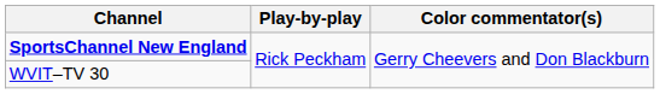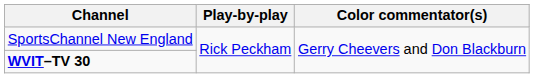 <table class="wikitable">
 <tr>
 <th><strong>Channel</strong></th>
 <th><strong>Play-by-play</strong></th>
 <th><strong>Color commentator(s)</strong></th>
 </tr>
 <tr>
-<td><strong><a href='#'>SportsChannel New England</a></strong></td>
+<td><a href='#'>SportsChannel New England</a></td>
 <td rowspan="2"><a href='#'>Rick Peckham</a></td>
 <td rowspan="2"><a href='#'>Gerry Cheevers</a> and <a href='#'>Don Blackburn</a></td>
 </tr>
 <tr>
-<td><a href='#'>WVIT</a>–TV 30</td>
+<td><strong><a href='#'>WVIT</a>–TV 30</strong></td>
 </tr>
 </table>
